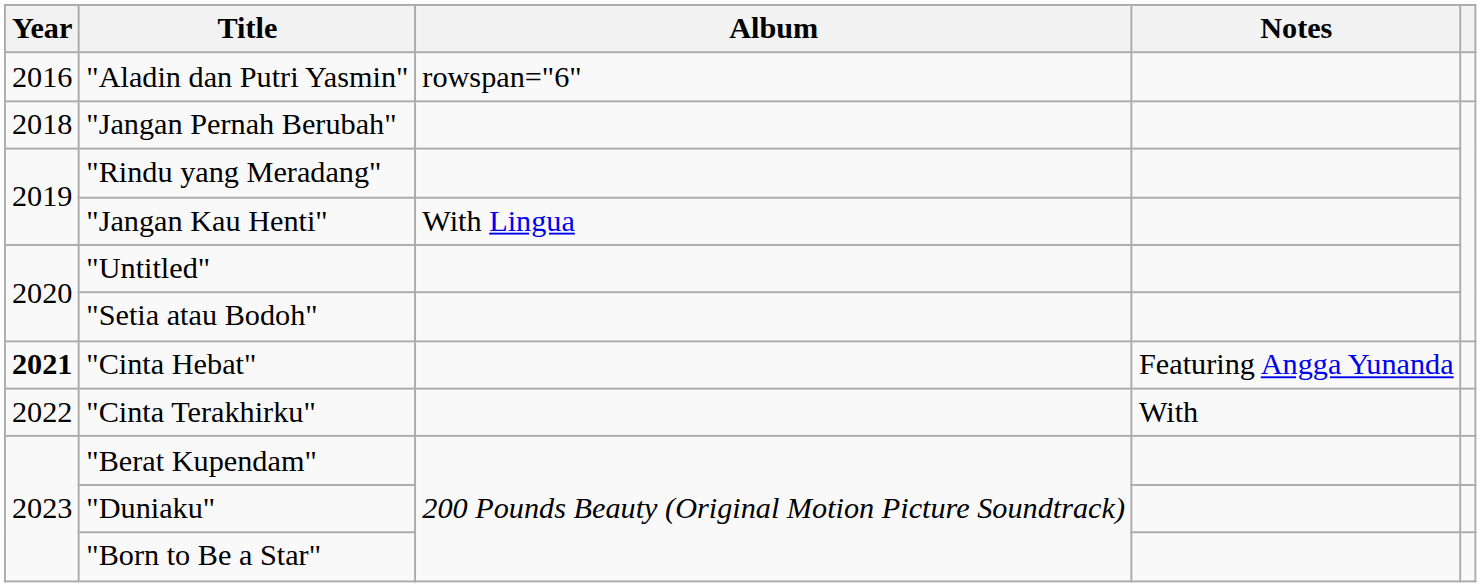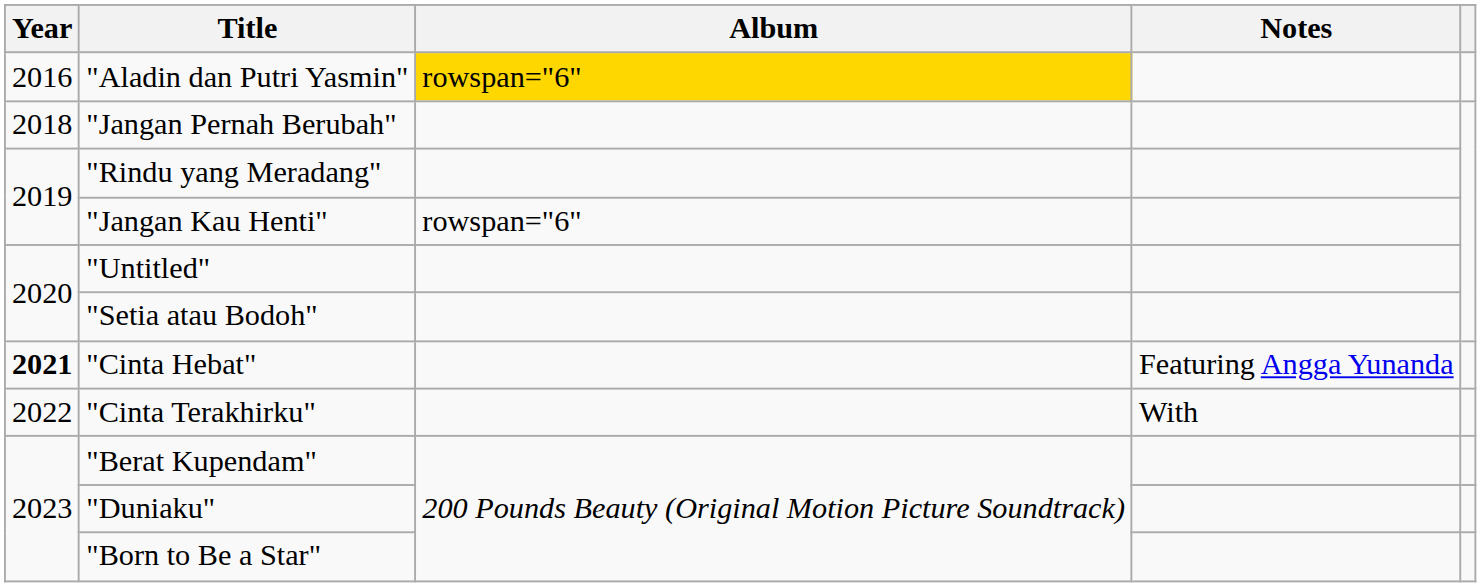 <table class="wikitable unsortable">
 <tr>
 <th>Year</th>
 <th>Title</th>
 <th>Album</th>
 <th>Notes</th>
 <th></th>
 </tr>
 <tr>
 <td>2016</td>
 <td>"Aladin dan Putri Yasmin"</td>
-<td>rowspan="6" </td>
+<td style="background: gold;">rowspan="6" </td>
 <td></td>
 <td align="center"></td>
 </tr>
 <tr>
 <td>2018</td>
 <td>"Jangan Pernah Berubah"</td>
 <td></td>
 <td align="center"></td>
 </tr>
 <tr>
 <td rowspan="2">2019</td>
 <td>"Rindu yang Meradang"</td>
 <td></td>
 <td align="center"></td>
 </tr>
 <tr>
 <td>"Jangan Kau Henti"</td>
-<td>With <a href='#'>Lingua</a></td>
+<td>rowspan="6" </td>
 <td align="center"></td>
 </tr>
 <tr>
 <td rowspan="2">2020</td>
 <td>"Untitled"</td>
 <td></td>
 <td align="center"></td>
 </tr>
 <tr>
 <td>"Setia atau Bodoh"</td>
 <td></td>
 <td align="center"></td>
 </tr>
 <tr>
 <td><strong>2021</strong></td>
 <td>"Cinta Hebat"</td>
 <td align="center"></td>
 <td>Featuring <a href='#'>Angga Yunanda</a></td>
 <td align="center"></td>
 </tr>
 <tr>
 <td>2022</td>
 <td>"Cinta Terakhirku"</td>
 <td></td>
 <td>With </td>
 <td align="center"></td>
 </tr>
 <tr>
 <td rowspan="3">2023</td>
 <td>"Berat Kupendam"</td>
 <td rowspan="3" align="center"><em>200 Pounds Beauty (Original Motion Picture Soundtrack)</em></td>
 <td></td>
 <td></td>
 </tr>
 <tr>
 <td>"Duniaku"</td>
 <td></td>
 <td></td>
 </tr>
 <tr>
 <td>"Born to Be a Star"</td>
 <td></td>
 <td></td>
 </tr>
 </table>
